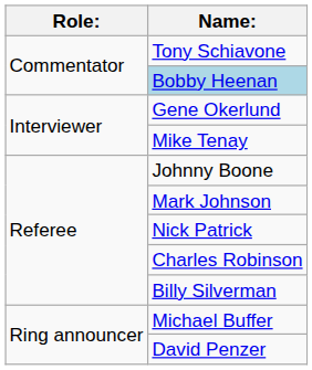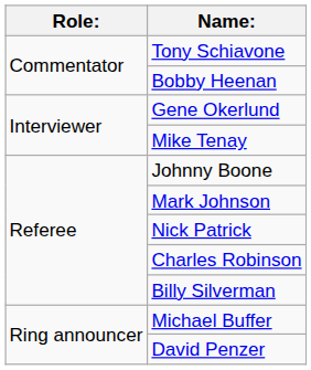 <table class=wikitable style="font-size:90%; margin: 0.5em 0 0.5em 1em; float: right; clear: right;">
 <tr>
 <th>Role:</th>
 <th>Name:</th>
 </tr>
 <tr>
 <td rowspan=2>Commentator</td>
 <td><a href='#'>Tony Schiavone</a></td>
 </tr>
 <tr>
-<td style="background: lightblue;"><a href='#'>Bobby Heenan</a></td>
+<td><a href='#'>Bobby Heenan</a></td>
 </tr>
 <tr>
 <td rowspan=2>Interviewer</td>
 <td><a href='#'>Gene Okerlund</a></td>
 </tr>
 <tr>
 <td><a href='#'>Mike Tenay</a></td>
 </tr>
 <tr>
 <td rowspan=5>Referee</td>
 <td>Johnny Boone</td>
 </tr>
 <tr>
 <td><a href='#'>Mark Johnson</a></td>
 </tr>
 <tr>
 <td><a href='#'>Nick Patrick</a></td>
 </tr>
 <tr>
 <td><a href='#'>Charles Robinson</a></td>
 </tr>
 <tr>
 <td><a href='#'>Billy Silverman</a></td>
 </tr>
 <tr>
 <td rowspan=2>Ring announcer</td>
 <td><a href='#'>Michael Buffer</a></td>
 </tr>
 <tr>
 <td><a href='#'>David Penzer</a></td>
 </tr>
 </table>
